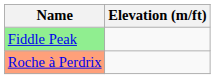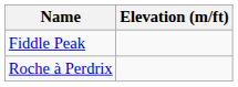 <table class="wikitable sortable">
 <tr>
 <th>Name</th>
 <th colspan=2>Elevation (m/ft)</th>
 </tr>
 <tr>
-<td style="background: lightgreen;"><a href='#'>Fiddle Peak</a></td>
+<td><a href='#'>Fiddle Peak</a></td>
 <td></td>
 </tr>
 <tr>
-<td style="background: lightsalmon;"><a href='#'>Roche à Perdrix</a></td>
+<td><a href='#'>Roche à Perdrix</a></td>
 <td></td>
 </tr>
 </table>
